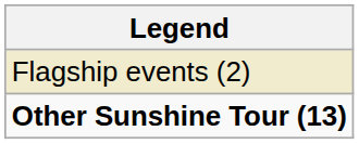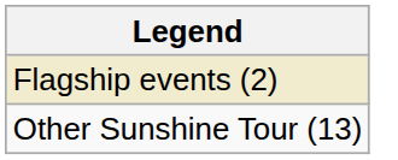 <table class="wikitable" style="font-size:95%;">
 <tr>
 <th>Legend</th>
 </tr>
 <tr style="background:#f2ecce;">
 <td>Flagship events (2)</td>
 </tr>
 <tr>
-<td><strong>Other Sunshine Tour (13)</strong></td>
+<td>Other Sunshine Tour (13)</td>
 </tr>
 </table>
